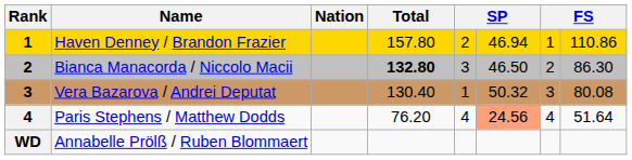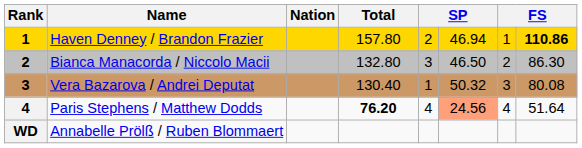 <table class="wikitable sortable">
 <tr>
 <th>Rank</th>
 <th>Name</th>
 <th>Nation</th>
 <th width="80px">Total</th>
 <th colspan="2" width="80px"><a href='#'>SP</a></th>
 <th colspan="2" width="80px"><a href='#'>FS</a></th>
 </tr>
 <tr bgcolor="gold">
 <td align="center"><strong>1</strong></td>
 <td><a href='#'>Haven Denney</a> / <a href='#'>Brandon Frazier</a></td>
 <td></td>
 <td align="center">157.80</td>
 <td align="center">2</td>
 <td align="center">46.94</td>
 <td align="center">1</td>
-<td align="center">110.86</td>
+<td align="center"><strong>110.86</strong></td>
 </tr>
 <tr bgcolor="silver">
 <td align="center"><strong>2</strong></td>
 <td><a href='#'>Bianca Manacorda</a> / <a href='#'>Niccolo Macii</a></td>
 <td></td>
-<td align="center"><strong>132.80</strong></td>
+<td align="center">132.80</td>
 <td align="center">3</td>
 <td align="center">46.50</td>
 <td align="center">2</td>
 <td align="center">86.30</td>
 </tr>
 <tr bgcolor="cc9966">
 <td align="center"><strong>3</strong></td>
 <td><a href='#'>Vera Bazarova</a> / <a href='#'>Andrei Deputat</a></td>
 <td></td>
 <td align="center">130.40</td>
 <td align="center">1</td>
 <td align="center">50.32</td>
 <td align="center">3</td>
 <td align="center">80.08</td>
 </tr>
 <tr>
 <th>4</th>
 <td><a href='#'>Paris Stephens</a> / <a href='#'>Matthew Dodds</a></td>
 <td></td>
-<td align="center">76.20</td>
+<td align="center"><strong>76.20</strong></td>
 <td align="center">4</td>
 <td align="center" style="background: lightsalmon;">24.56</td>
 <td align="center">4</td>
 <td align="center">51.64</td>
 </tr>
 <tr>
 <th>WD</th>
 <td><a href='#'>Annabelle Prölß</a> / <a href='#'>Ruben Blommaert</a></td>
 <td></td>
 <td align="center"></td>
 <td align="center"></td>
 <td align="center"></td>
 <td align="center"></td>
 <td align="center"></td>
 </tr>
 </table>
